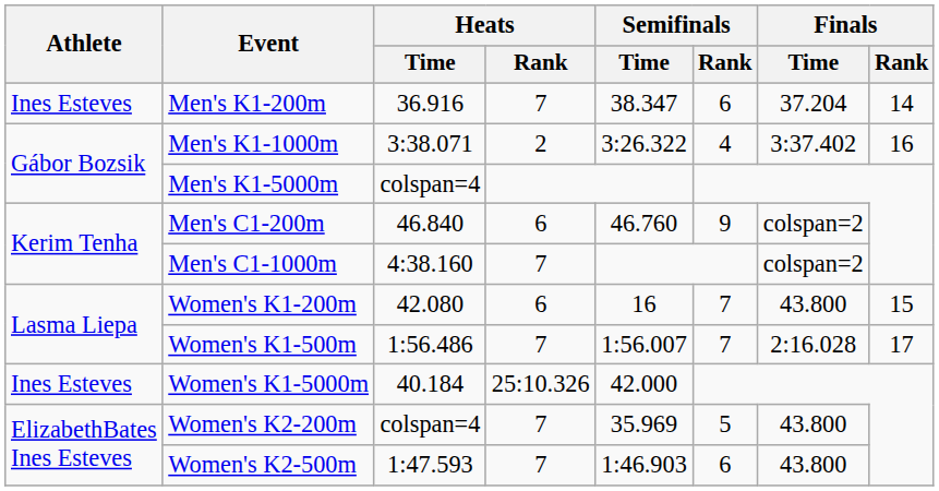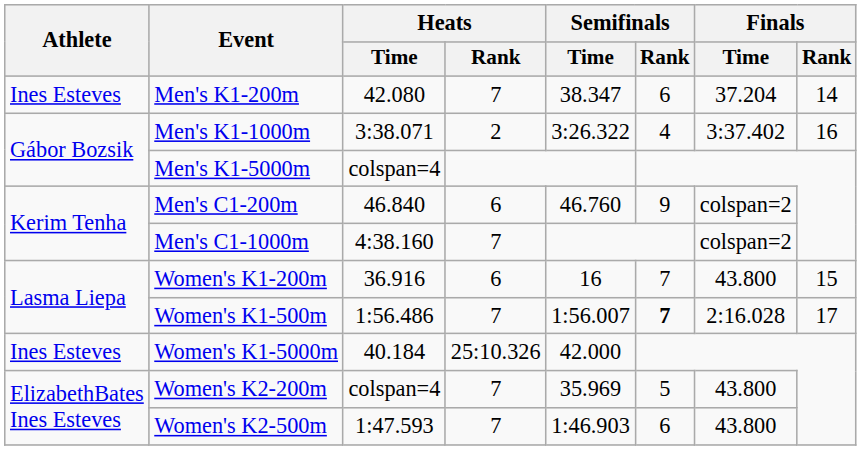 <table class="wikitable" style="font-size:90%">
 <tr>
 <th rowspan="2">Athlete</th>
 <th rowspan="2">Event</th>
 <th colspan=2>Heats</th>
 <th colspan=2>Semifinals</th>
 <th colspan=2>Finals</th>
 </tr>
 <tr style="font-size:95%">
 <th>Time</th>
 <th>Rank</th>
 <th>Time</th>
 <th>Rank</th>
 <th>Time</th>
 <th>Rank</th>
 </tr>
 <tr align=center>
 <td align=left><a href='#'>Ines Esteves</a></td>
 <td align=left><a href='#'>Men's K1-200m</a></td>
-<td>36.916</td>
+<td>42.080</td>
 <td>7 </td>
 <td>38.347</td>
 <td>6 </td>
 <td>37.204</td>
 <td>14</td>
 </tr>
 <tr align=center>
 <td align=left rowspan=2><a href='#'>Gábor Bozsik</a></td>
 <td align=left><a href='#'>Men's K1-1000m</a></td>
 <td>3:38.071</td>
 <td>2 </td>
 <td>3:26.322</td>
 <td>4 </td>
 <td>3:37.402</td>
 <td>16</td>
 </tr>
 <tr align=center>
 <td align=left><a href='#'>Men's K1-5000m</a></td>
 <td>colspan=4 </td>
 <td colspan=2></td>
 </tr>
 <tr align=center>
 <td align=left rowspan=2><a href='#'>Kerim Tenha</a></td>
 <td align=left><a href='#'>Men's C1-200m</a></td>
 <td>46.840</td>
 <td>6 </td>
 <td>46.760</td>
 <td>9 </td>
 <td>colspan=2 </td>
 </tr>
 <tr align=center>
 <td align=left><a href='#'>Men's C1-1000m</a></td>
 <td>4:38.160</td>
 <td>7 </td>
 <td colspan=2></td>
 <td>colspan=2 </td>
 </tr>
 <tr align=center>
 <td align=left rowspan=2><a href='#'>Lasma Liepa</a></td>
 <td align=left><a href='#'>Women's K1-200m</a></td>
-<td>42.080</td>
+<td>36.916</td>
 <td>6 </td>
 <td>16</td>
 <td>7 </td>
 <td>43.800</td>
 <td>15</td>
 </tr>
 <tr align=center>
 <td align=left><a href='#'>Women's K1-500m</a></td>
 <td>1:56.486</td>
 <td>7 </td>
 <td>1:56.007</td>
-<td>7 </td>
+<td><strong>7 </strong></td>
 <td>2:16.028</td>
 <td>17</td>
 </tr>
 <tr align=center>
 <td align=left><a href='#'>Ines Esteves</a></td>
 <td align=left><a href='#'>Women's K1-5000m</a></td>
 <td>40.184</td>
 <td>25:10.326</td>
 <td>42.000</td>
 </tr>
 <tr align=center>
 <td align=left rowspan=2><a href='#'>ElizabethBates</a><br><a href='#'>Ines Esteves</a></td>
 <td align=left><a href='#'>Women's K2-200m</a></td>
 <td>colspan=4 </td>
 <td>7 </td>
 <td>35.969</td>
 <td>5  </td>
 <td>43.800</td>
 </tr>
 <tr align=center>
 <td align=left><a href='#'>Women's K2-500m</a></td>
 <td>1:47.593</td>
 <td>7 </td>
 <td>1:46.903</td>
 <td>6 </td>
 <td>43.800</td>
 </tr>
 </table>
